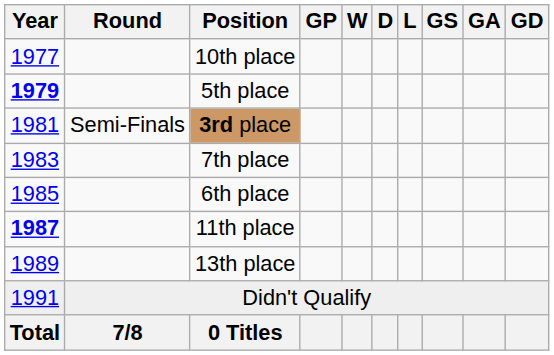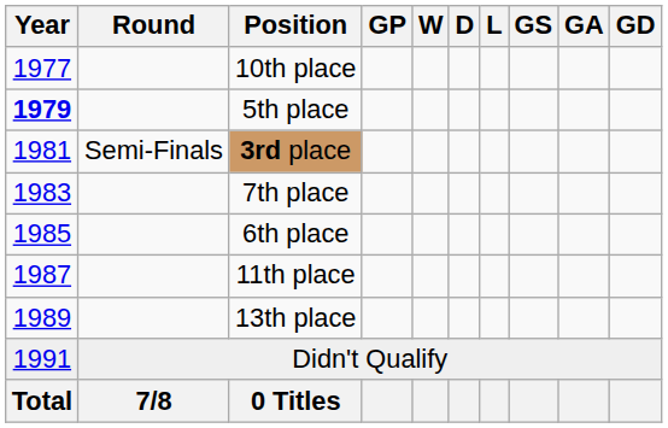 <table class="wikitable" style="text-align: center;">
 <tr>
 <th>Year</th>
 <th>Round</th>
 <th>Position</th>
 <th>GP</th>
 <th>W</th>
 <th>D</th>
 <th>L</th>
 <th>GS</th>
 <th>GA</th>
 <th>GD</th>
 </tr>
 <tr bgcolor=>
 <td><a href='#'>1977</a> </td>
 <td></td>
 <td>10th place</td>
 <td></td>
 <td></td>
 <td></td>
 <td></td>
 <td></td>
 <td></td>
 <td></td>
 </tr>
 <tr bgcolor=>
 <td><strong><a href='#'>1979</a>  </strong></td>
 <td></td>
 <td>5th place</td>
 <td></td>
 <td></td>
 <td></td>
 <td></td>
 <td></td>
 <td></td>
 <td></td>
 </tr>
 <tr bgcolor=>
 <td><a href='#'>1981</a> </td>
 <td>Semi-Finals</td>
 <td bgcolor=#cc9966><strong>3rd</strong> place</td>
 <td></td>
 <td></td>
 <td></td>
 <td></td>
 <td></td>
 <td></td>
 <td></td>
 </tr>
 <tr bgcolor=>
 <td><a href='#'>1983</a> </td>
 <td></td>
 <td>7th place</td>
 <td></td>
 <td></td>
 <td></td>
 <td></td>
 <td></td>
 <td></td>
 <td></td>
 </tr>
 <tr bgcolor=>
 <td><a href='#'>1985</a> </td>
 <td></td>
 <td>6th place</td>
 <td></td>
 <td></td>
 <td></td>
 <td></td>
 <td></td>
 <td></td>
 <td></td>
 </tr>
 <tr bgcolor=>
-<td><strong><a href='#'>1987</a> </strong></td>
+<td><a href='#'>1987</a> </td>
 <td></td>
 <td>11th place</td>
 <td></td>
 <td></td>
 <td></td>
 <td></td>
 <td></td>
 <td></td>
 <td></td>
 </tr>
 <tr bgcolor=>
 <td><a href='#'>1989</a> </td>
 <td></td>
 <td>13th place</td>
 <td></td>
 <td></td>
 <td></td>
 <td></td>
 <td></td>
 <td></td>
 <td></td>
 </tr>
 <tr bgcolor=efefef>
 <td><a href='#'>1991</a> </td>
 <td colspan=9 rowspan=1>Didn't Qualify</td>
 </tr>
 <tr>
 <th>Total</th>
 <th>7/8</th>
 <th>0 Titles</th>
 <th></th>
 <th></th>
 <th></th>
 <th></th>
 <th></th>
 <th></th>
 <th></th>
 </tr>
 </table>
